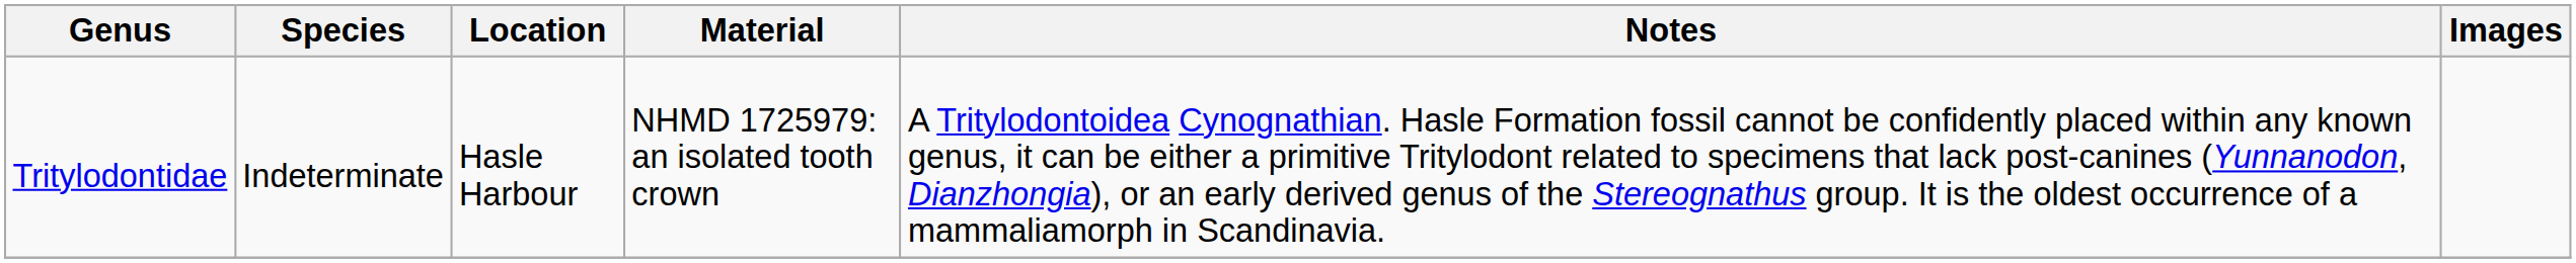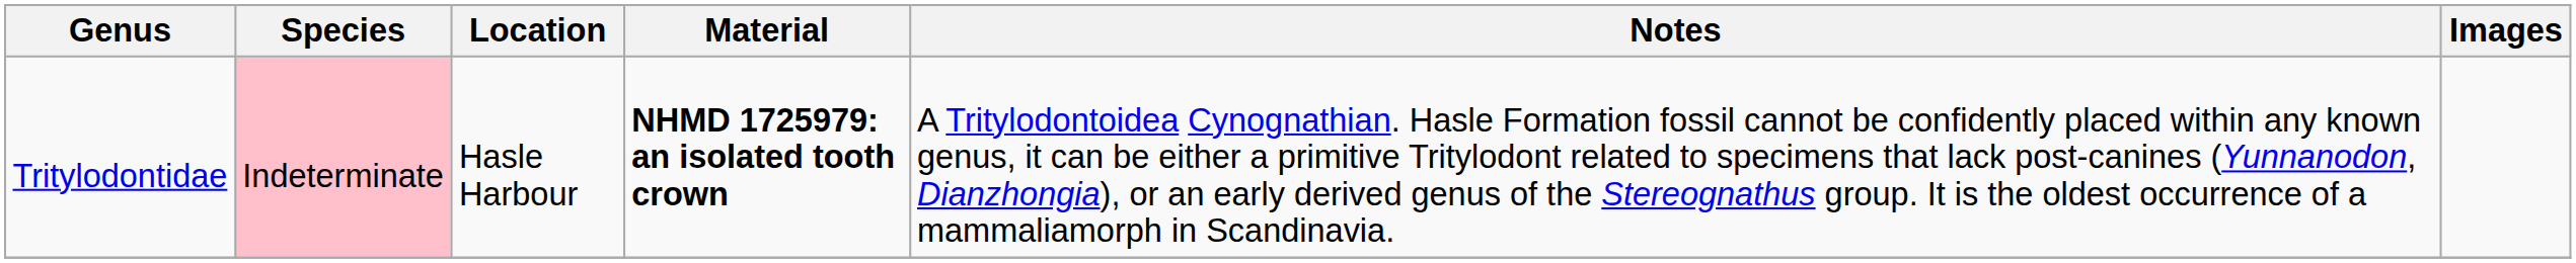 <table class ="wikitable" align="center">
 <tr>
 <th>Genus</th>
 <th>Species</th>
 <th>Location</th>
 <th>Material</th>
 <th>Notes</th>
 <th>Images</th>
 </tr>
 <tr>
 <td><br><a href='#'>Tritylodontidae</a></td>
-<td><br>Indeterminate</td>
+<td style="background: pink;"><br>Indeterminate</td>
 <td><br>Hasle Harbour</td>
-<td>NHMD 1725979: an isolated tooth crown</td>
+<td><strong>NHMD 1725979: an isolated tooth crown</strong></td>
 <td><br>A <a href='#'>Tritylodontoidea</a> <a href='#'>Cynognathian</a>. Hasle Formation fossil cannot be confidently placed within any known genus, it can be either a primitive Tritylodont related to specimens that lack post-canines (<em><a href='#'>Yunnanodon</a></em>, <em><a href='#'>Dianzhongia</a></em>), or an early derived genus of the <em><a href='#'>Stereognathus</a></em> group. It is the oldest occurrence of a mammaliamorph in Scandinavia.</td>
 <td></td>
 </tr>
 <tr>
 </tr>
 </table>
